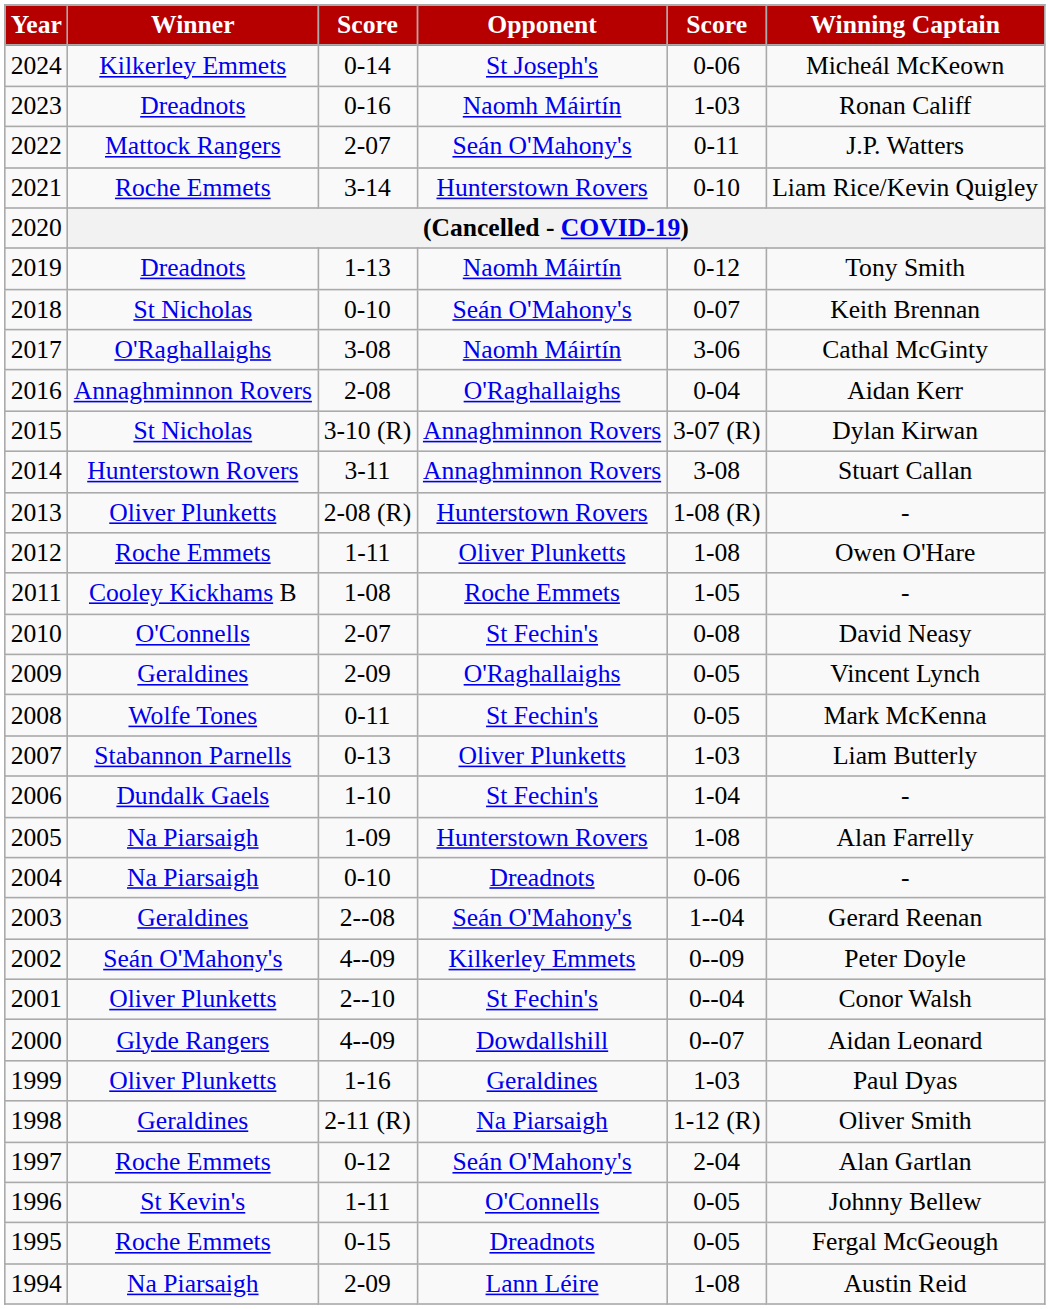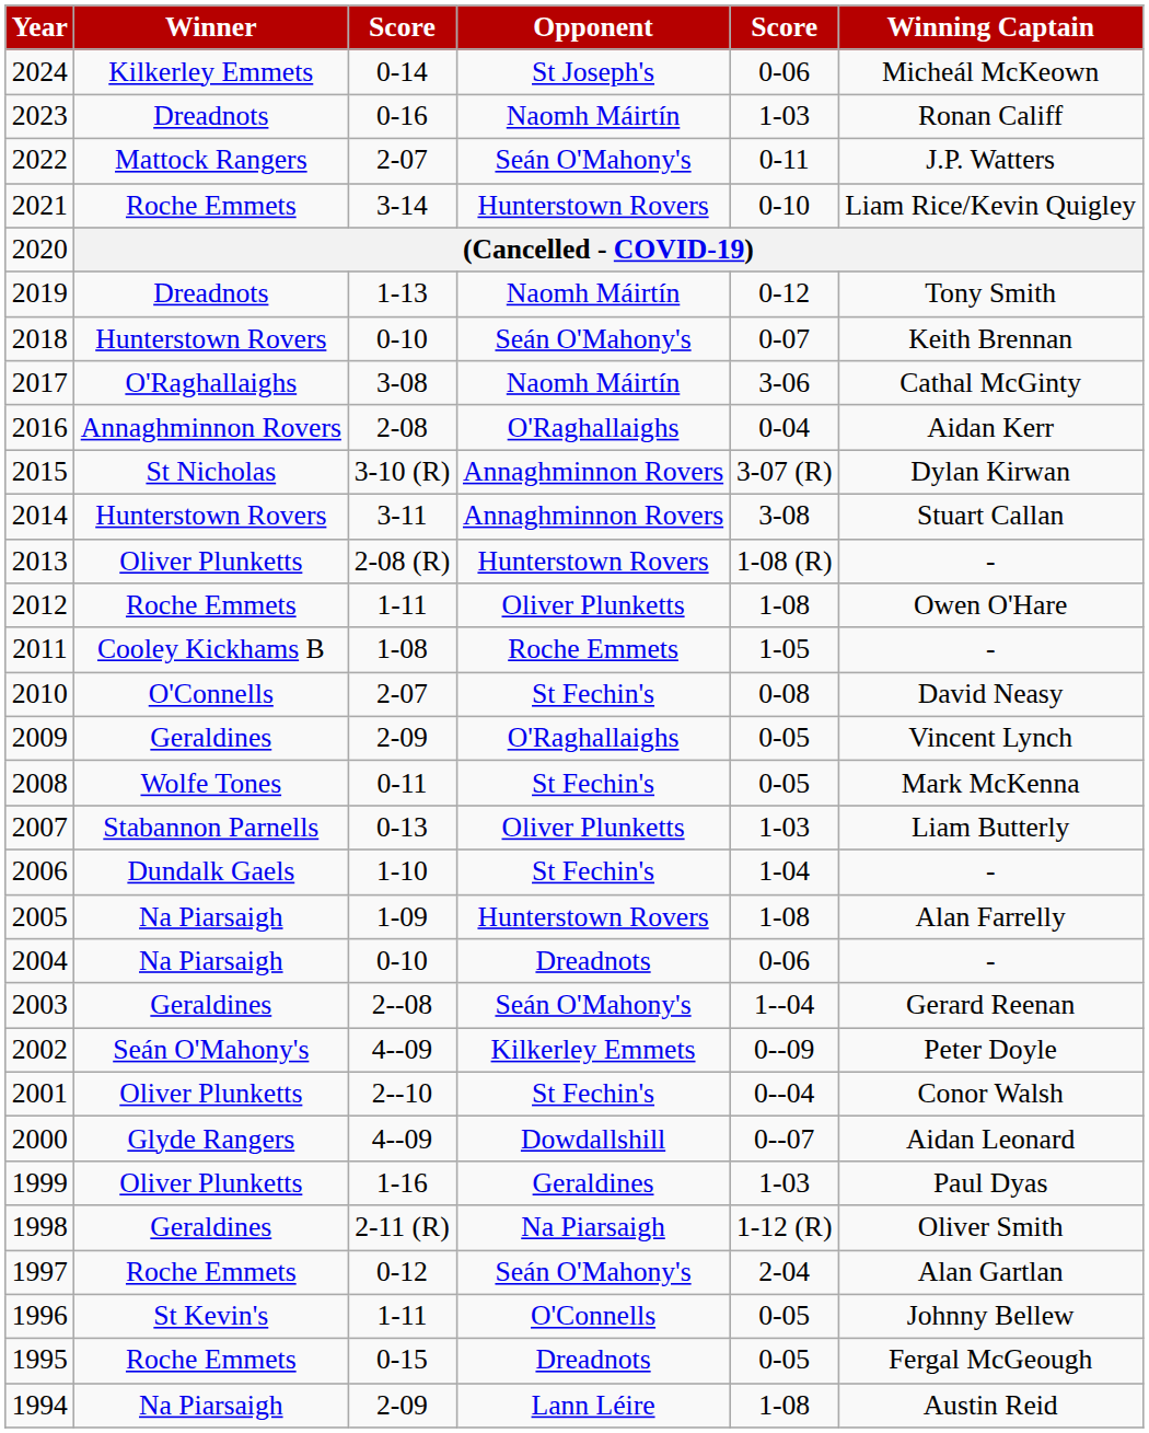 <table class="wikitable" style="text-align:center;">
 <tr>
 <th style="background:#B60000;color:white">Year</th>
 <th style="background:#B60000;color:white">Winner</th>
 <th style="background:#B60000;color:white">Score</th>
 <th style="background:#B60000;color:white">Opponent</th>
 <th style="background:#B60000;color:white">Score</th>
 <th style="background:#B60000;color:white">Winning Captain</th>
 </tr>
 <tr>
 <td>2024</td>
 <td><a href='#'>Kilkerley Emmets</a></td>
 <td>0-14</td>
 <td><a href='#'>St Joseph's</a></td>
 <td>0-06</td>
 <td>Micheál McKeown</td>
 </tr>
 <tr>
 <td>2023</td>
 <td><a href='#'>Dreadnots</a></td>
 <td>0-16</td>
 <td><a href='#'>Naomh Máirtín</a></td>
 <td>1-03</td>
 <td>Ronan Califf</td>
 </tr>
 <tr>
 <td>2022</td>
 <td><a href='#'>Mattock Rangers</a></td>
 <td>2-07</td>
 <td><a href='#'>Seán O'Mahony's</a></td>
 <td>0-11</td>
 <td>J.P. Watters</td>
 </tr>
 <tr>
 <td>2021</td>
 <td><a href='#'>Roche Emmets</a></td>
 <td>3-14</td>
 <td><a href='#'>Hunterstown Rovers</a></td>
 <td>0-10</td>
 <td>Liam Rice/Kevin Quigley</td>
 </tr>
 <tr>
 <td>2020</td>
 <th colspan=5 align=center>(Cancelled - <a href='#'>COVID-19</a>)</th>
 </tr>
 <tr>
 <td>2019</td>
 <td><a href='#'>Dreadnots</a></td>
 <td>1-13</td>
 <td><a href='#'>Naomh Máirtín</a></td>
 <td>0-12</td>
 <td>Tony Smith</td>
 </tr>
 <tr>
 <td>2018</td>
-<td><a href='#'>St Nicholas</a></td>
+<td><a href='#'>Hunterstown Rovers</a></td>
 <td>0-10</td>
 <td><a href='#'>Seán O'Mahony's</a></td>
 <td>0-07</td>
 <td>Keith Brennan</td>
 </tr>
 <tr>
 <td>2017</td>
 <td><a href='#'>O'Raghallaighs</a></td>
 <td>3-08</td>
 <td><a href='#'>Naomh Máirtín</a></td>
 <td>3-06</td>
 <td>Cathal McGinty</td>
 </tr>
 <tr>
 <td>2016</td>
 <td><a href='#'>Annaghminnon Rovers</a></td>
 <td>2-08</td>
 <td><a href='#'>O'Raghallaighs</a></td>
 <td>0-04</td>
 <td>Aidan Kerr</td>
 </tr>
 <tr>
 <td>2015</td>
 <td><a href='#'>St Nicholas</a></td>
 <td>3-10 (R)</td>
 <td><a href='#'>Annaghminnon Rovers</a></td>
 <td>3-07 (R)</td>
 <td>Dylan Kirwan</td>
 </tr>
 <tr>
 <td>2014</td>
 <td><a href='#'>Hunterstown Rovers</a></td>
 <td>3-11</td>
 <td><a href='#'>Annaghminnon Rovers</a></td>
 <td>3-08</td>
 <td>Stuart Callan</td>
 </tr>
 <tr>
 <td>2013</td>
 <td><a href='#'>Oliver Plunketts</a></td>
 <td>2-08 (R)</td>
 <td><a href='#'>Hunterstown Rovers</a></td>
 <td>1-08 (R)</td>
 <td>-</td>
 </tr>
 <tr>
 <td>2012</td>
 <td><a href='#'>Roche Emmets</a></td>
 <td>1-11</td>
 <td><a href='#'>Oliver Plunketts</a></td>
 <td>1-08</td>
 <td>Owen O'Hare</td>
 </tr>
 <tr>
 <td>2011</td>
 <td><a href='#'>Cooley Kickhams</a> B</td>
 <td>1-08</td>
 <td><a href='#'>Roche Emmets</a></td>
 <td>1-05</td>
 <td>-</td>
 </tr>
 <tr>
 <td>2010</td>
 <td><a href='#'>O'Connells</a></td>
 <td>2-07</td>
 <td><a href='#'>St Fechin's</a></td>
 <td>0-08</td>
 <td>David Neasy</td>
 </tr>
 <tr>
 <td>2009</td>
 <td><a href='#'>Geraldines</a></td>
 <td>2-09</td>
 <td><a href='#'>O'Raghallaighs</a></td>
 <td>0-05</td>
 <td>Vincent Lynch</td>
 </tr>
 <tr>
 <td>2008</td>
 <td><a href='#'>Wolfe Tones</a></td>
 <td>0-11</td>
 <td><a href='#'>St Fechin's</a></td>
 <td>0-05</td>
 <td>Mark McKenna</td>
 </tr>
 <tr>
 <td>2007</td>
 <td><a href='#'>Stabannon Parnells</a></td>
 <td>0-13</td>
 <td><a href='#'>Oliver Plunketts</a></td>
 <td>1-03</td>
 <td>Liam Butterly</td>
 </tr>
 <tr>
 <td>2006</td>
 <td><a href='#'>Dundalk Gaels</a></td>
 <td>1-10</td>
 <td><a href='#'>St Fechin's</a></td>
 <td>1-04</td>
 <td>-</td>
 </tr>
 <tr>
 <td>2005</td>
 <td><a href='#'>Na Piarsaigh</a></td>
 <td>1-09</td>
 <td><a href='#'>Hunterstown Rovers</a></td>
 <td>1-08</td>
 <td>Alan Farrelly</td>
 </tr>
 <tr>
 <td>2004</td>
 <td><a href='#'>Na Piarsaigh</a></td>
 <td>0-10</td>
 <td><a href='#'>Dreadnots</a></td>
 <td>0-06</td>
 <td>-</td>
 </tr>
 <tr>
 <td>2003</td>
 <td><a href='#'>Geraldines</a></td>
 <td>2--08</td>
 <td><a href='#'>Seán O'Mahony's</a></td>
 <td>1--04</td>
 <td>Gerard Reenan</td>
 </tr>
 <tr>
 <td>2002</td>
 <td><a href='#'>Seán O'Mahony's</a></td>
 <td>4--09</td>
 <td><a href='#'>Kilkerley Emmets</a></td>
 <td>0--09</td>
 <td>Peter Doyle</td>
 </tr>
 <tr>
 <td>2001</td>
 <td><a href='#'>Oliver Plunketts</a></td>
 <td>2--10</td>
 <td><a href='#'>St Fechin's</a></td>
 <td>0--04</td>
 <td>Conor Walsh</td>
 </tr>
 <tr>
 <td>2000</td>
 <td><a href='#'>Glyde Rangers</a></td>
 <td>4--09</td>
 <td><a href='#'>Dowdallshill</a></td>
 <td>0--07</td>
 <td>Aidan Leonard</td>
 </tr>
 <tr>
 <td>1999</td>
 <td><a href='#'>Oliver Plunketts</a></td>
 <td>1-16</td>
 <td><a href='#'>Geraldines</a></td>
 <td>1-03</td>
 <td>Paul Dyas</td>
 </tr>
 <tr>
 <td>1998</td>
 <td><a href='#'>Geraldines</a></td>
 <td>2-11 (R)</td>
 <td><a href='#'>Na Piarsaigh</a></td>
 <td>1-12 (R)</td>
 <td>Oliver Smith</td>
 </tr>
 <tr>
 <td>1997</td>
 <td><a href='#'>Roche Emmets</a></td>
 <td>0-12</td>
 <td><a href='#'>Seán O'Mahony's</a></td>
 <td>2-04</td>
 <td>Alan Gartlan</td>
 </tr>
 <tr>
 <td>1996</td>
 <td><a href='#'>St Kevin's</a></td>
 <td>1-11</td>
 <td><a href='#'>O'Connells</a></td>
 <td>0-05</td>
 <td>Johnny Bellew</td>
 </tr>
 <tr>
 <td>1995</td>
 <td><a href='#'>Roche Emmets</a></td>
 <td>0-15</td>
 <td><a href='#'>Dreadnots</a></td>
 <td>0-05</td>
 <td>Fergal McGeough</td>
 </tr>
 <tr>
 <td>1994</td>
 <td><a href='#'>Na Piarsaigh</a></td>
 <td>2-09</td>
 <td><a href='#'>Lann Léire</a></td>
 <td>1-08</td>
 <td>Austin Reid</td>
 </tr>
 </table>
